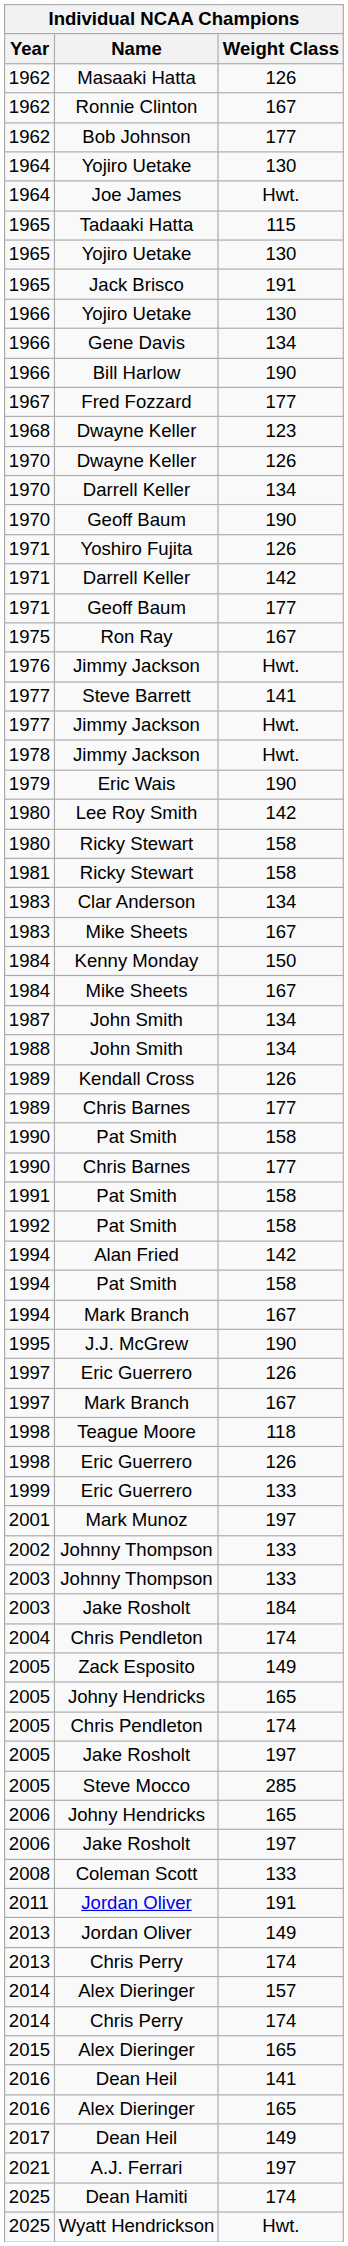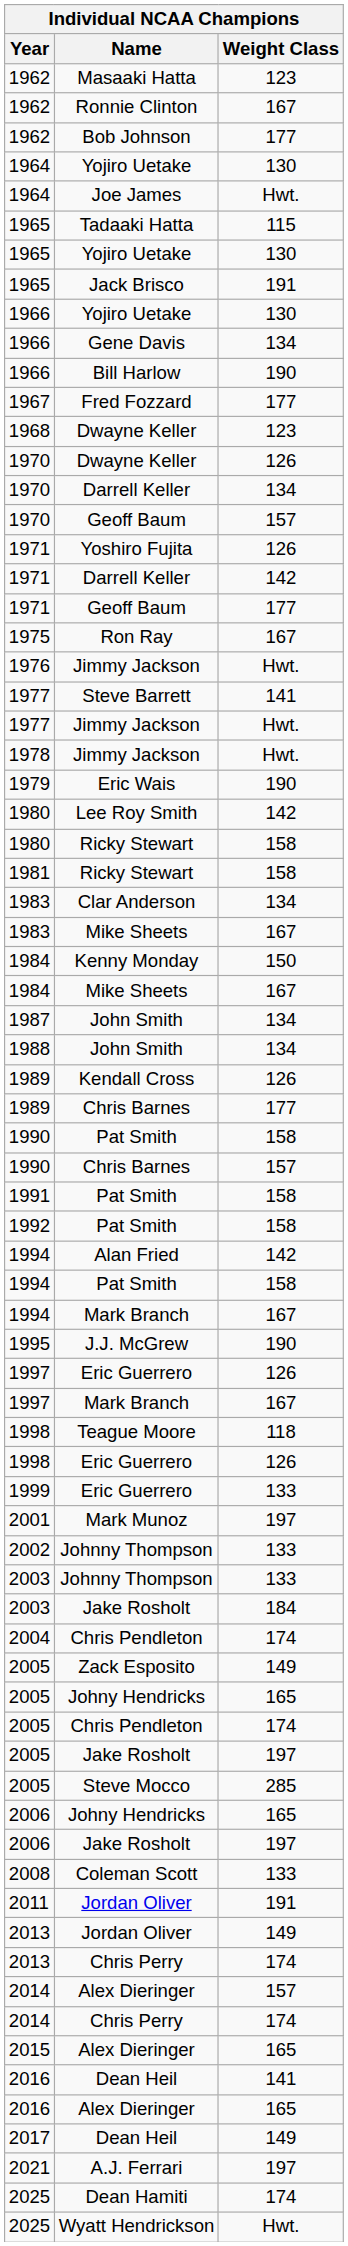 <table class="wikitable">
 <tr>
 <th colspan="3">Individual NCAA Champions</th>
 </tr>
 <tr>
 <th scope="col">Year</th>
 <th scope="col">Name</th>
 <th scope="col">Weight Class</th>
 </tr>
 <tr>
 <td>1962</td>
 <td style="text-align: center;">Masaaki Hatta</td>
-<td style="text-align: center;">126</td>
+<td style="text-align: center;">123</td>
 </tr>
 <tr>
 <td>1962</td>
 <td style="text-align: center;">Ronnie Clinton</td>
 <td style="text-align: center;">167</td>
 </tr>
 <tr>
 <td>1962</td>
 <td style="text-align: center;">Bob Johnson</td>
 <td style="text-align: center;">177</td>
 </tr>
 <tr>
 <td>1964</td>
 <td style="text-align: center;">Yojiro Uetake</td>
 <td style="text-align: center;">130</td>
 </tr>
 <tr>
 <td>1964</td>
 <td style="text-align: center;">Joe James</td>
 <td style="text-align: center;">Hwt.</td>
 </tr>
 <tr>
 <td>1965</td>
 <td style="text-align: center;">Tadaaki Hatta</td>
 <td style="text-align: center;">115</td>
 </tr>
 <tr>
 <td>1965</td>
 <td style="text-align: center;">Yojiro Uetake</td>
 <td style="text-align: center;">130</td>
 </tr>
 <tr>
 <td>1965</td>
 <td style="text-align: center;">Jack Brisco</td>
 <td style="text-align: center;">191</td>
 </tr>
 <tr>
 <td>1966</td>
 <td style="text-align: center;">Yojiro Uetake</td>
 <td style="text-align: center;">130</td>
 </tr>
 <tr>
 <td>1966</td>
 <td style="text-align: center;">Gene Davis</td>
 <td style="text-align: center;">134</td>
 </tr>
 <tr>
 <td>1966</td>
 <td style="text-align: center;">Bill Harlow</td>
 <td style="text-align: center;">190</td>
 </tr>
 <tr>
 <td>1967</td>
 <td style="text-align: center;">Fred Fozzard</td>
 <td style="text-align: center;">177</td>
 </tr>
 <tr>
 <td>1968</td>
 <td style="text-align: center;">Dwayne Keller</td>
 <td style="text-align: center;">123</td>
 </tr>
 <tr>
 <td>1970</td>
 <td style="text-align: center;">Dwayne Keller</td>
 <td style="text-align: center;">126</td>
 </tr>
 <tr>
 <td>1970</td>
 <td style="text-align: center;">Darrell Keller</td>
 <td style="text-align: center;">134</td>
 </tr>
 <tr>
 <td>1970</td>
 <td style="text-align: center;">Geoff Baum</td>
-<td style="text-align: center;">190</td>
+<td style="text-align: center;">157</td>
 </tr>
 <tr>
 <td>1971</td>
 <td style="text-align: center;">Yoshiro Fujita</td>
 <td style="text-align: center;">126</td>
 </tr>
 <tr>
 <td>1971</td>
 <td style="text-align: center;">Darrell Keller</td>
 <td style="text-align: center;">142</td>
 </tr>
 <tr>
 <td>1971</td>
 <td style="text-align: center;">Geoff Baum</td>
 <td style="text-align: center;">177</td>
 </tr>
 <tr>
 <td>1975</td>
 <td style="text-align: center;">Ron Ray</td>
 <td style="text-align: center;">167</td>
 </tr>
 <tr>
 <td>1976</td>
 <td style="text-align: center;">Jimmy Jackson</td>
 <td style="text-align: center;">Hwt.</td>
 </tr>
 <tr>
 <td>1977</td>
 <td style="text-align: center;">Steve Barrett</td>
 <td style="text-align: center;">141</td>
 </tr>
 <tr>
 <td>1977</td>
 <td style="text-align: center;">Jimmy Jackson</td>
 <td style="text-align: center;">Hwt.</td>
 </tr>
 <tr>
 <td>1978</td>
 <td style="text-align: center;">Jimmy Jackson</td>
 <td style="text-align: center;">Hwt.</td>
 </tr>
 <tr>
 <td>1979</td>
 <td style="text-align: center;">Eric Wais</td>
 <td style="text-align: center;">190</td>
 </tr>
 <tr>
 <td>1980</td>
 <td style="text-align: center;">Lee Roy Smith</td>
 <td style="text-align: center;">142</td>
 </tr>
 <tr>
 <td>1980</td>
 <td style="text-align: center;">Ricky Stewart</td>
 <td style="text-align: center;">158</td>
 </tr>
 <tr>
 <td>1981</td>
 <td style="text-align: center;">Ricky Stewart</td>
 <td style="text-align: center;">158</td>
 </tr>
 <tr>
 <td>1983</td>
 <td style="text-align: center;">Clar Anderson</td>
 <td style="text-align: center;">134</td>
 </tr>
 <tr>
 <td>1983</td>
 <td style="text-align: center;">Mike Sheets</td>
 <td style="text-align: center;">167</td>
 </tr>
 <tr>
 <td>1984</td>
 <td style="text-align: center;">Kenny Monday</td>
 <td style="text-align: center;">150</td>
 </tr>
 <tr>
 <td>1984</td>
 <td style="text-align: center;">Mike Sheets</td>
 <td style="text-align: center;">167</td>
 </tr>
 <tr>
 <td>1987</td>
 <td style="text-align: center;">John Smith</td>
 <td style="text-align: center;">134</td>
 </tr>
 <tr>
 <td>1988</td>
 <td style="text-align: center;">John Smith</td>
 <td style="text-align: center;">134</td>
 </tr>
 <tr>
 <td>1989</td>
 <td style="text-align: center;">Kendall Cross</td>
 <td style="text-align: center;">126</td>
 </tr>
 <tr>
 <td>1989</td>
 <td style="text-align: center;">Chris Barnes</td>
 <td style="text-align: center;">177</td>
 </tr>
 <tr>
 <td>1990</td>
 <td style="text-align: center;">Pat Smith</td>
 <td style="text-align: center;">158</td>
 </tr>
 <tr>
 <td>1990</td>
 <td style="text-align: center;">Chris Barnes</td>
-<td style="text-align: center;">177</td>
+<td style="text-align: center;">157</td>
 </tr>
 <tr>
 <td>1991</td>
 <td style="text-align: center;">Pat Smith</td>
 <td style="text-align: center;">158</td>
 </tr>
 <tr>
 <td>1992</td>
 <td style="text-align: center;">Pat Smith</td>
 <td style="text-align: center;">158</td>
 </tr>
 <tr>
 <td>1994</td>
 <td style="text-align: center;">Alan Fried</td>
 <td style="text-align: center;">142</td>
 </tr>
 <tr>
 <td>1994</td>
 <td style="text-align: center;">Pat Smith</td>
 <td style="text-align: center;">158</td>
 </tr>
 <tr>
 <td>1994</td>
 <td style="text-align: center;">Mark Branch</td>
 <td style="text-align: center;">167</td>
 </tr>
 <tr>
 <td>1995</td>
 <td style="text-align: center;">J.J. McGrew</td>
 <td style="text-align: center;">190</td>
 </tr>
 <tr>
 <td>1997</td>
 <td style="text-align: center;">Eric Guerrero</td>
 <td style="text-align: center;">126</td>
 </tr>
 <tr>
 <td>1997</td>
 <td style="text-align: center;">Mark Branch</td>
 <td style="text-align: center;">167</td>
 </tr>
 <tr>
 <td>1998</td>
 <td style="text-align: center;">Teague Moore</td>
 <td style="text-align: center;">118</td>
 </tr>
 <tr>
 <td>1998</td>
 <td style="text-align: center;">Eric Guerrero</td>
 <td style="text-align: center;">126</td>
 </tr>
 <tr>
 <td>1999</td>
 <td style="text-align: center;">Eric Guerrero</td>
 <td style="text-align: center;">133</td>
 </tr>
 <tr>
 <td>2001</td>
 <td style="text-align: center;">Mark Munoz</td>
 <td style="text-align: center;">197</td>
 </tr>
 <tr>
 <td>2002</td>
 <td style="text-align: center;">Johnny Thompson</td>
 <td style="text-align: center;">133</td>
 </tr>
 <tr>
 <td>2003</td>
 <td style="text-align: center;">Johnny Thompson</td>
 <td style="text-align: center;">133</td>
 </tr>
 <tr>
 <td>2003</td>
 <td style="text-align: center;">Jake Rosholt</td>
 <td style="text-align: center;">184</td>
 </tr>
 <tr>
 <td>2004</td>
 <td style="text-align: center;">Chris Pendleton</td>
 <td style="text-align: center;">174</td>
 </tr>
 <tr>
 <td>2005</td>
 <td style="text-align: center;">Zack Esposito</td>
 <td style="text-align: center;">149</td>
 </tr>
 <tr>
 <td>2005</td>
 <td style="text-align: center;">Johny Hendricks</td>
 <td style="text-align: center;">165</td>
 </tr>
 <tr>
 <td>2005</td>
 <td style="text-align: center;">Chris Pendleton</td>
 <td style="text-align: center;">174</td>
 </tr>
 <tr>
 <td>2005</td>
 <td style="text-align: center;">Jake Rosholt</td>
 <td style="text-align: center;">197</td>
 </tr>
 <tr>
 <td>2005</td>
 <td style="text-align: center;">Steve Mocco</td>
 <td style="text-align: center;">285</td>
 </tr>
 <tr>
 <td>2006</td>
 <td style="text-align: center;">Johny Hendricks</td>
 <td style="text-align: center;">165</td>
 </tr>
 <tr>
 <td>2006</td>
 <td style="text-align: center;">Jake Rosholt</td>
 <td style="text-align: center;">197</td>
 </tr>
 <tr>
 <td>2008</td>
 <td style="text-align: center;">Coleman Scott</td>
 <td style="text-align: center;">133</td>
 </tr>
 <tr>
 <td>2011</td>
 <td style="text-align: center;"><a href='#'>Jordan Oliver</a></td>
 <td style="text-align: center;">191</td>
 </tr>
 <tr>
 <td>2013</td>
 <td style="text-align: center;">Jordan Oliver</td>
 <td style="text-align: center;">149</td>
 </tr>
 <tr>
 <td>2013</td>
 <td style="text-align: center;">Chris Perry</td>
 <td style="text-align: center;">174</td>
 </tr>
 <tr>
 <td>2014</td>
 <td style="text-align: center;">Alex Dieringer</td>
 <td style="text-align: center;">157</td>
 </tr>
 <tr>
 <td>2014</td>
 <td style="text-align: center;">Chris Perry</td>
 <td style="text-align: center;">174</td>
 </tr>
 <tr>
 <td>2015</td>
 <td style="text-align: center;">Alex Dieringer</td>
 <td style="text-align: center;">165</td>
 </tr>
 <tr>
 <td>2016</td>
 <td style="text-align: center;">Dean Heil</td>
 <td style="text-align: center;">141</td>
 </tr>
 <tr>
 <td>2016</td>
 <td style="text-align: center;">Alex Dieringer</td>
 <td style="text-align: center;">165</td>
 </tr>
 <tr>
 <td>2017</td>
 <td style="text-align: center;">Dean Heil</td>
 <td style="text-align: center;">149</td>
 </tr>
 <tr>
 <td>2021</td>
 <td style="text-align: center;">A.J. Ferrari</td>
 <td style="text-align: center;">197</td>
 </tr>
 <tr>
 <td>2025</td>
 <td style="text-align: center;">Dean Hamiti</td>
 <td style="text-align: center;">174</td>
 </tr>
 <tr>
 <td>2025</td>
 <td style="text-align: center;">Wyatt Hendrickson</td>
 <td style="text-align: center;">Hwt.</td>
 </tr>
 </table>
